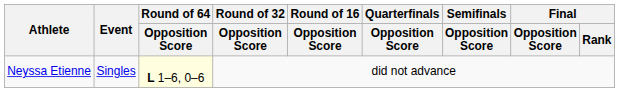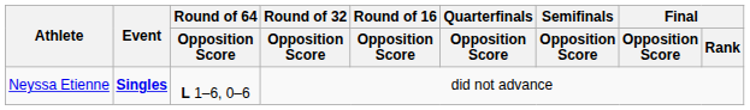 <table class="wikitable" border="1" style="font-size:90%">
 <tr>
 <th rowspan=2>Athlete</th>
 <th rowspan=2>Event</th>
 <th>Round of 64</th>
 <th>Round of 32</th>
 <th>Round of 16</th>
 <th>Quarterfinals</th>
 <th>Semifinals</th>
 <th colspan=2>Final</th>
 </tr>
 <tr>
 <th>Opposition<br>Score</th>
 <th>Opposition<br>Score</th>
 <th>Opposition<br>Score</th>
 <th>Opposition<br>Score</th>
 <th>Opposition<br>Score</th>
 <th>Opposition<br>Score</th>
 <th>Rank</th>
 </tr>
 <tr>
 <td><a href='#'>Neyssa Etienne</a></td>
-<td><a href='#'>Singles</a></td>
-<td align=center style="background: lightyellow;"><br><strong>L</strong> 1–6, 0–6</td>
+<td><strong><a href='#'>Singles</a></strong></td>
+<td align=center><br><strong>L</strong> 1–6, 0–6</td>
 <td align=center colspan=6>did not advance</td>
 </tr>
 </table>
